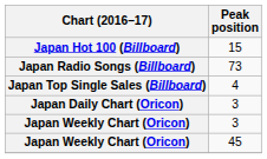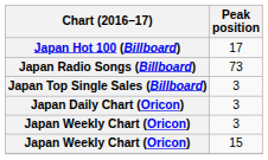 <table class="wikitable sortable plainrowheaders">
 <tr>
 <th>Chart (2016–17)</th>
 <th>Peak<br>position</th>
 </tr>
 <tr>
 <th scope="row"><a href='#'>Japan Hot 100</a> (<em><a href='#'>Billboard</a></em>)</th>
-<td style="text-align:center;">15</td>
+<td style="text-align:center;">17</td>
 </tr>
 <tr>
 <th scope="row">Japan Radio Songs (<em><a href='#'>Billboard</a></em>)</th>
 <td style="text-align:center;">73</td>
 </tr>
 <tr>
 <th scope="row">Japan Top Single Sales (<em><a href='#'>Billboard</a></em>)</th>
-<td style="text-align:center;">4</td>
+<td style="text-align:center;">3</td>
 </tr>
 <tr>
 <th scope="row">Japan Daily Chart (<a href='#'>Oricon</a>)</th>
 <td style="text-align:center;">3</td>
 </tr>
 <tr>
 <th scope="row">Japan Weekly Chart (<a href='#'>Oricon</a>)</th>
 <td style="text-align:center;">3</td>
 </tr>
 <tr>
 <th scope="row">Japan Weekly Chart (<a href='#'>Oricon</a>)</th>
-<td style="text-align:center;">45</td>
+<td style="text-align:center;">15</td>
 </tr>
 <tr>
 </tr>
 </table>
